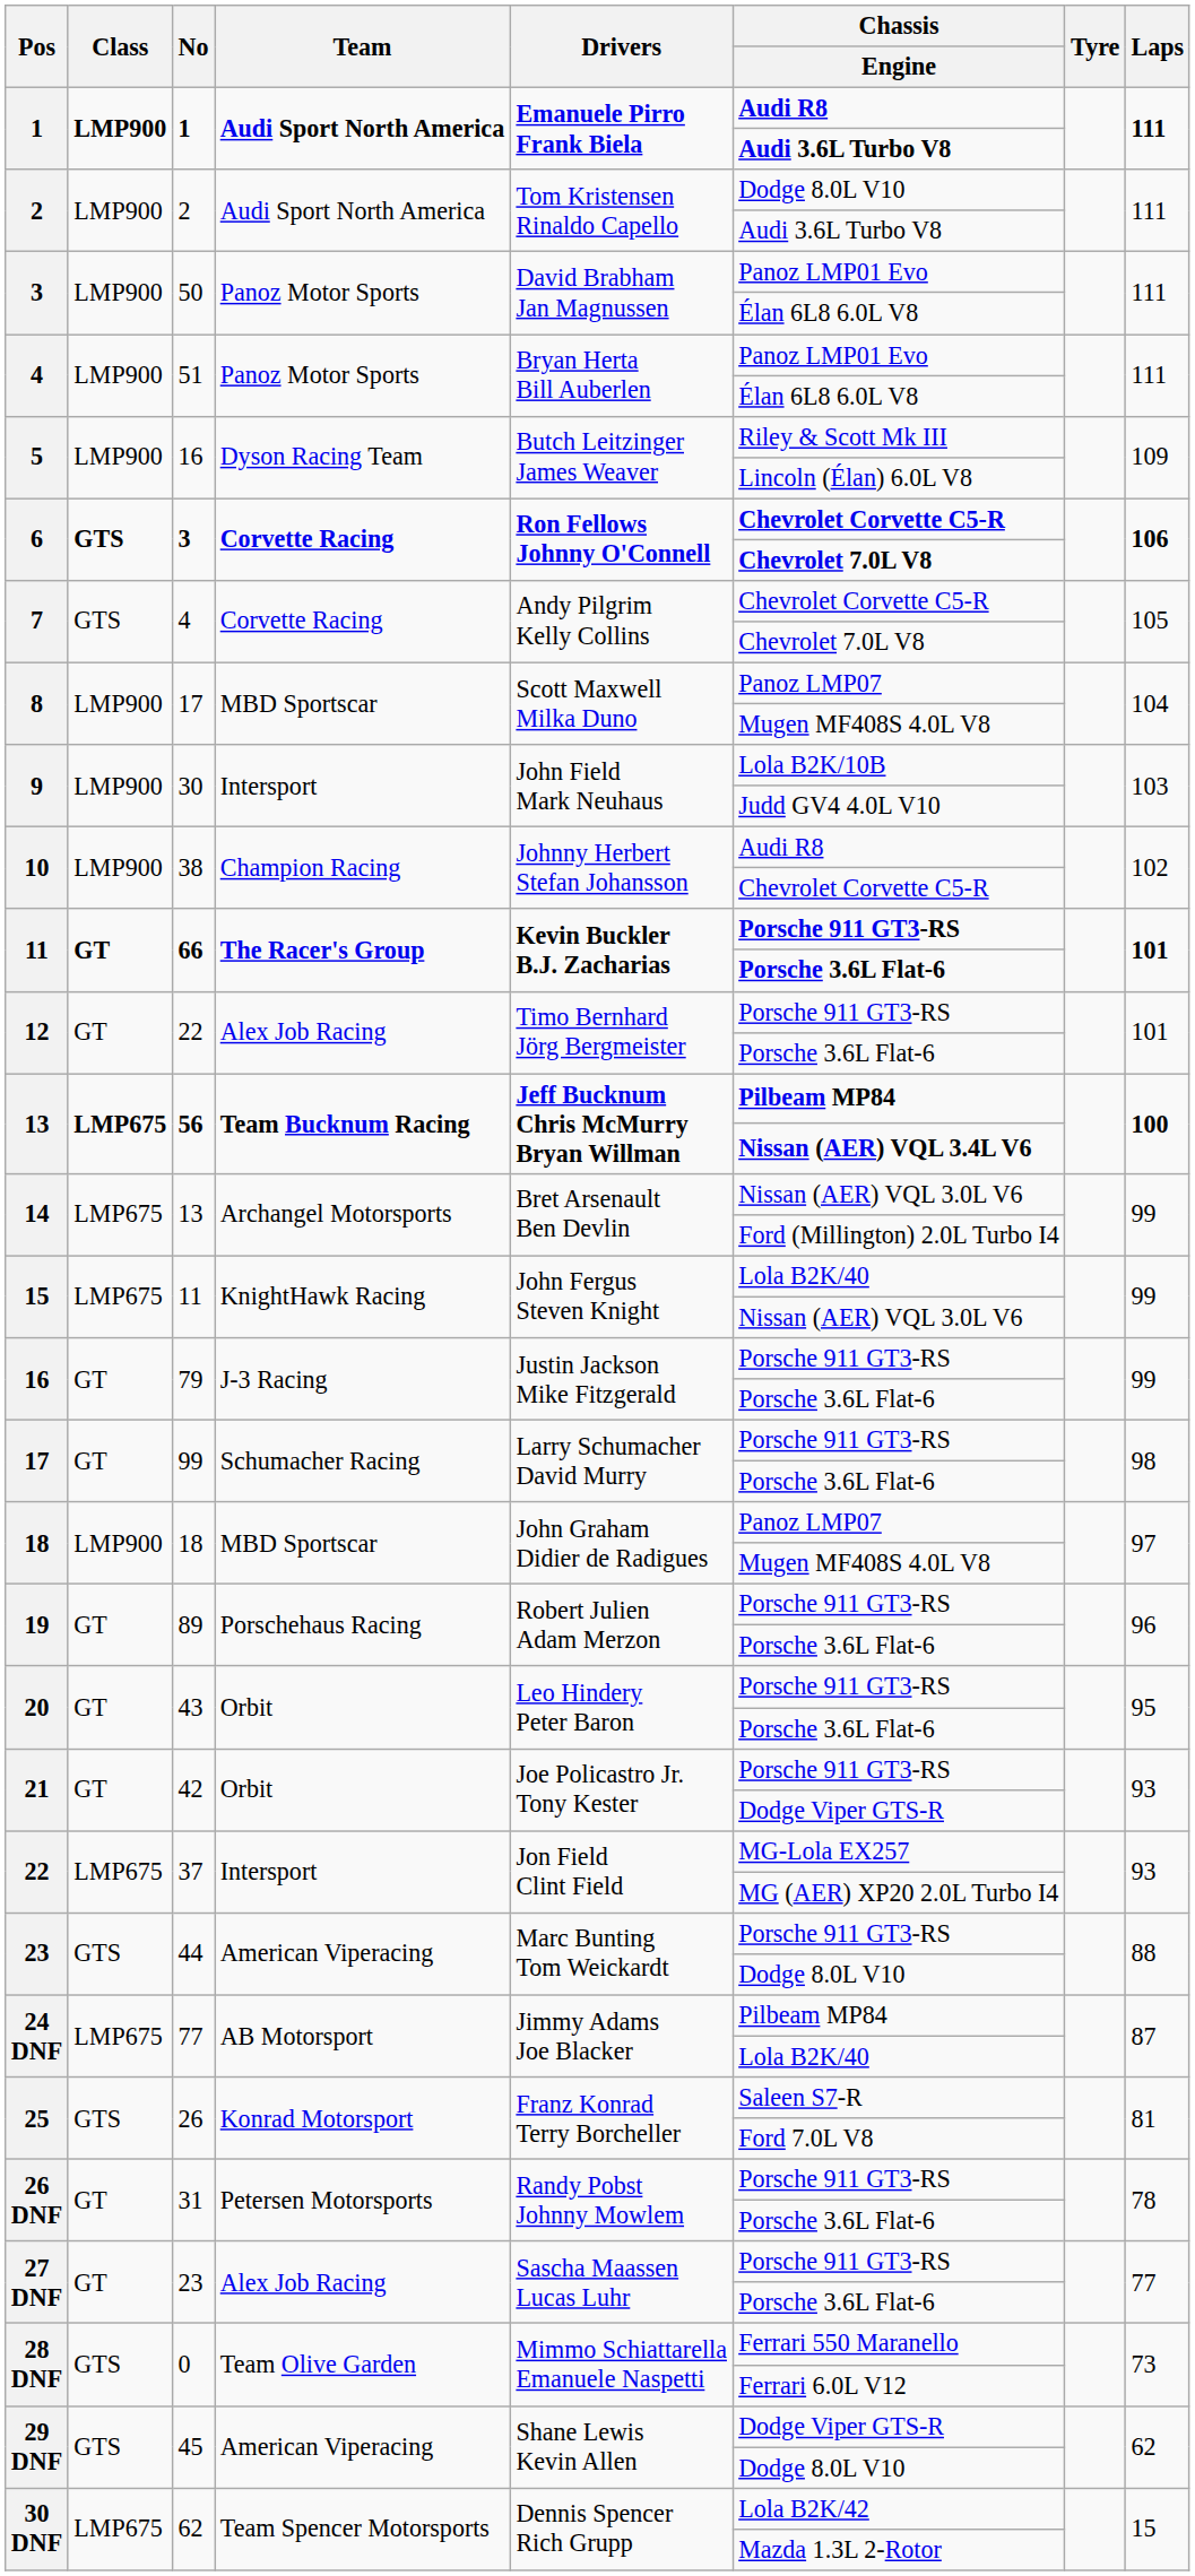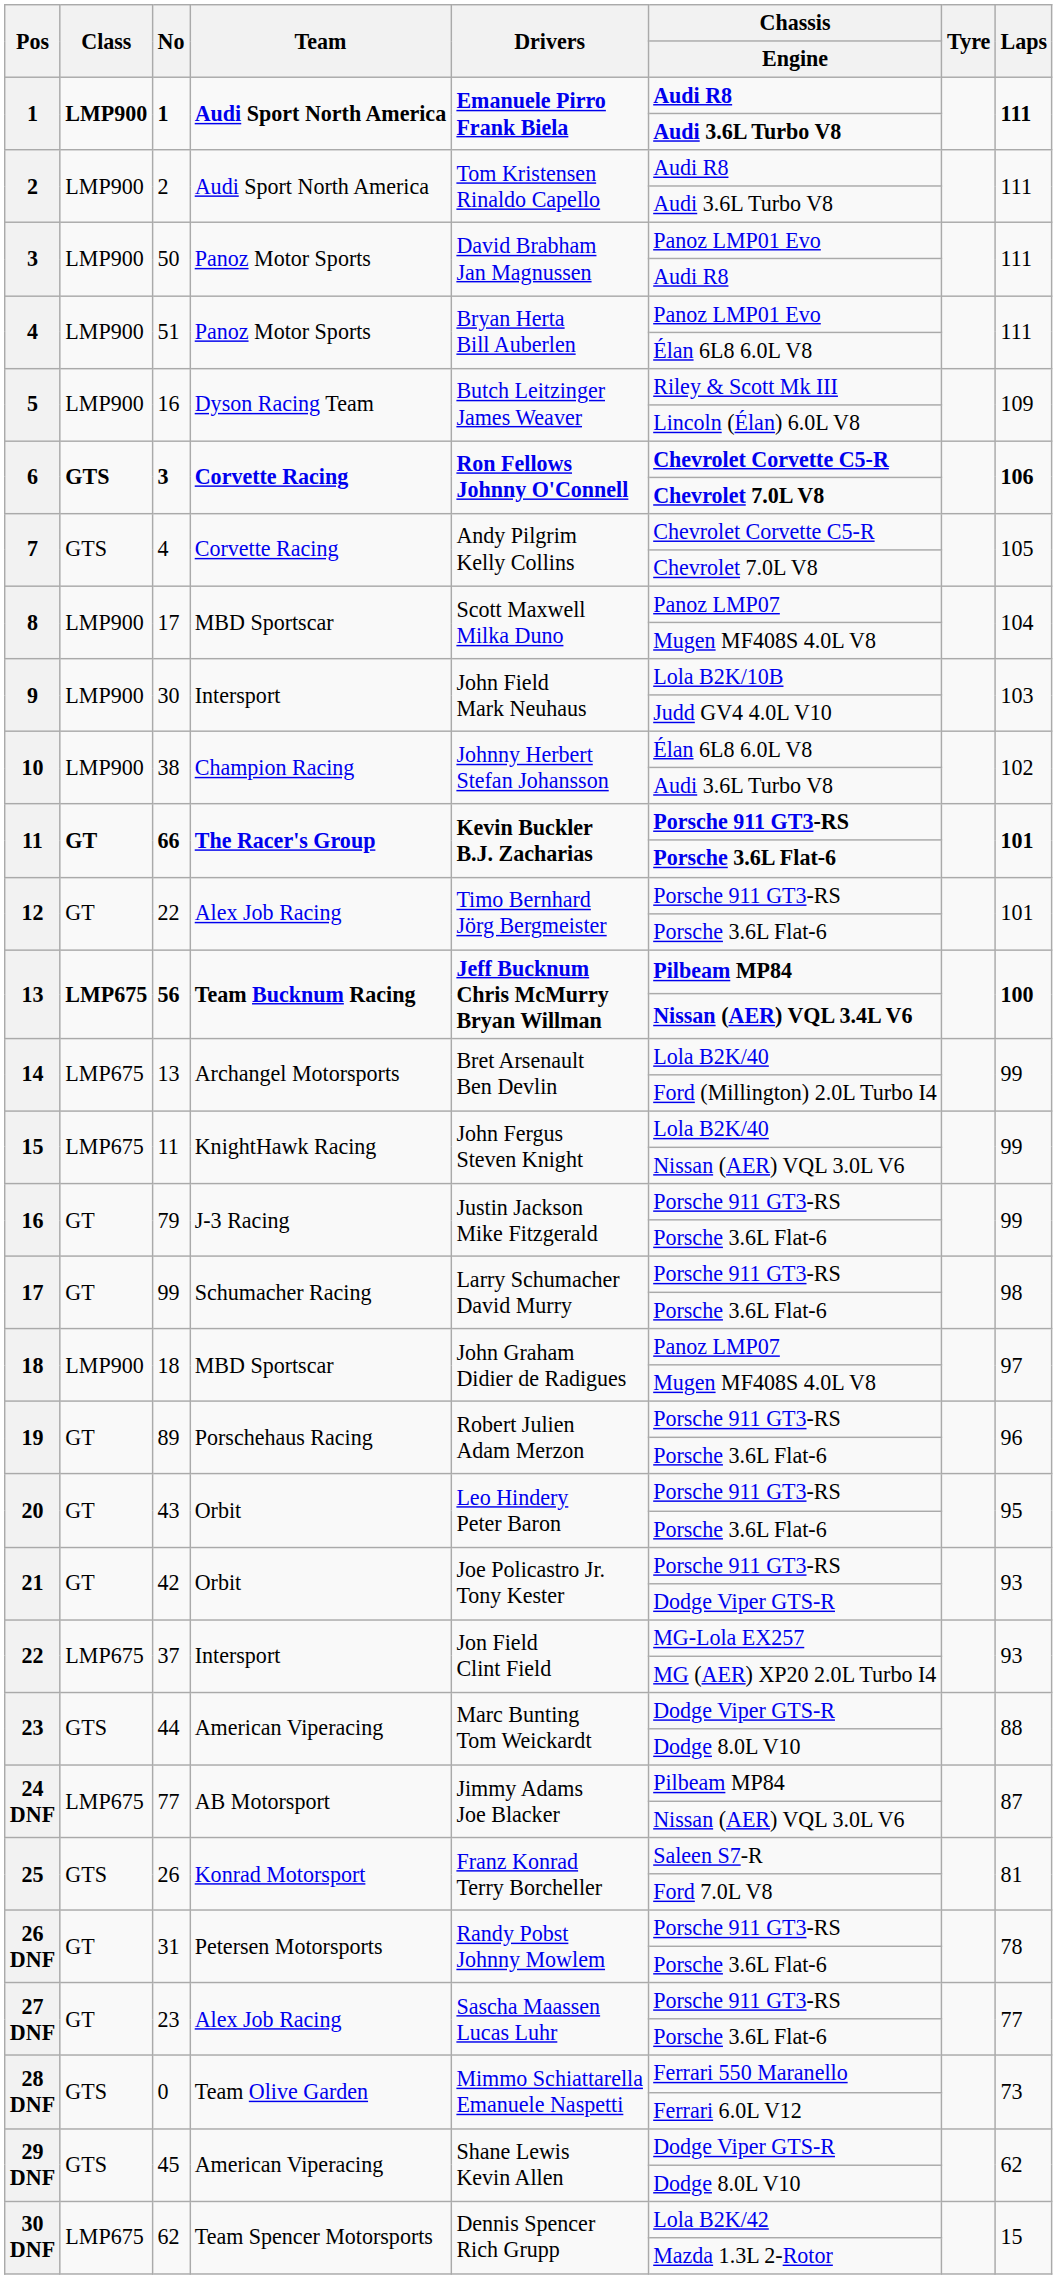 <table class="wikitable" style="font-size: 95%;">
 <tr>
 <th rowspan=2>Pos</th>
 <th rowspan=2>Class</th>
 <th rowspan=2>No</th>
 <th rowspan=2>Team</th>
 <th rowspan=2>Drivers</th>
 <th>Chassis</th>
 <th rowspan=2>Tyre</th>
 <th rowspan=2>Laps</th>
 </tr>
 <tr>
 <th>Engine</th>
 </tr>
 <tr style="font-weight:bold">
 <th rowspan=2>1</th>
 <td rowspan=2>LMP900</td>
 <td rowspan=2>1</td>
 <td rowspan=2> <a href='#'>Audi</a> Sport North America</td>
 <td rowspan=2> <a href='#'>Emanuele Pirro</a><br> <a href='#'>Frank Biela</a></td>
 <td><a href='#'>Audi R8</a></td>
 <td rowspan=2></td>
 <td rowspan=2>111</td>
 </tr>
 <tr style="font-weight:bold">
 <td><a href='#'>Audi</a> 3.6L Turbo V8</td>
 </tr>
 <tr>
 <th rowspan=2>2</th>
 <td rowspan=2>LMP900</td>
 <td rowspan=2>2</td>
 <td rowspan=2> <a href='#'>Audi</a> Sport North America</td>
 <td rowspan=2> <a href='#'>Tom Kristensen</a><br> <a href='#'>Rinaldo Capello</a></td>
-<td><a href='#'>Dodge</a> 8.0L V10</td>
+<td><a href='#'>Audi R8</a></td>
 <td rowspan=2></td>
 <td rowspan=2>111</td>
 </tr>
 <tr>
 <td><a href='#'>Audi</a> 3.6L Turbo V8</td>
 </tr>
 <tr>
 <th rowspan=2>3</th>
 <td rowspan=2>LMP900</td>
 <td rowspan=2>50</td>
 <td rowspan=2> <a href='#'>Panoz</a> Motor Sports</td>
 <td rowspan=2> <a href='#'>David Brabham</a><br> <a href='#'>Jan Magnussen</a></td>
 <td><a href='#'>Panoz LMP01 Evo</a></td>
 <td rowspan=2></td>
 <td rowspan=2>111</td>
 </tr>
 <tr>
-<td><a href='#'>Élan</a> 6L8 6.0L V8</td>
+<td><a href='#'>Audi R8</a></td>
 </tr>
 <tr>
 <th rowspan=2>4</th>
 <td rowspan=2>LMP900</td>
 <td rowspan=2>51</td>
 <td rowspan=2> <a href='#'>Panoz</a> Motor Sports</td>
 <td rowspan=2> <a href='#'>Bryan Herta</a><br> <a href='#'>Bill Auberlen</a></td>
 <td><a href='#'>Panoz LMP01 Evo</a></td>
 <td rowspan=2></td>
 <td rowspan=2>111</td>
 </tr>
 <tr>
 <td><a href='#'>Élan</a> 6L8 6.0L V8</td>
 </tr>
 <tr>
 <th rowspan=2>5</th>
 <td rowspan=2>LMP900</td>
 <td rowspan=2>16</td>
 <td rowspan=2> <a href='#'>Dyson Racing</a> Team</td>
 <td rowspan=2> <a href='#'>Butch Leitzinger</a><br> <a href='#'>James Weaver</a></td>
 <td><a href='#'>Riley & Scott Mk III</a></td>
 <td rowspan=2></td>
 <td rowspan=2>109</td>
 </tr>
 <tr>
 <td><a href='#'>Lincoln</a> (<a href='#'>Élan</a>) 6.0L V8</td>
 </tr>
 <tr style="font-weight:bold">
 <th rowspan=2>6</th>
 <td rowspan=2>GTS</td>
 <td rowspan=2>3</td>
 <td rowspan=2> <a href='#'>Corvette Racing</a></td>
 <td rowspan=2> <a href='#'>Ron Fellows</a><br> <a href='#'>Johnny O'Connell</a></td>
 <td><a href='#'>Chevrolet Corvette C5-R</a></td>
 <td rowspan=2></td>
 <td rowspan=2>106</td>
 </tr>
 <tr style="font-weight:bold">
 <td><a href='#'>Chevrolet</a> 7.0L V8</td>
 </tr>
 <tr>
 <th rowspan=2>7</th>
 <td rowspan=2>GTS</td>
 <td rowspan=2>4</td>
 <td rowspan=2> <a href='#'>Corvette Racing</a></td>
 <td rowspan=2> Andy Pilgrim<br> Kelly Collins</td>
 <td><a href='#'>Chevrolet Corvette C5-R</a></td>
 <td rowspan=2></td>
 <td rowspan=2>105</td>
 </tr>
 <tr>
 <td><a href='#'>Chevrolet</a> 7.0L V8</td>
 </tr>
 <tr>
 <th rowspan=2>8</th>
 <td rowspan=2>LMP900</td>
 <td rowspan=2>17</td>
 <td rowspan=2> MBD Sportscar</td>
 <td rowspan=2> Scott Maxwell<br> <a href='#'>Milka Duno</a></td>
 <td><a href='#'>Panoz LMP07</a></td>
 <td rowspan=2></td>
 <td rowspan=2>104</td>
 </tr>
 <tr>
 <td><a href='#'>Mugen</a> MF408S 4.0L V8</td>
 </tr>
 <tr>
 <th rowspan=2>9</th>
 <td rowspan=2>LMP900</td>
 <td rowspan=2>30</td>
 <td rowspan=2> Intersport</td>
 <td rowspan=2> John Field<br> Mark Neuhaus</td>
 <td><a href='#'>Lola B2K/10B</a></td>
 <td rowspan=2></td>
 <td rowspan=2>103</td>
 </tr>
 <tr>
 <td><a href='#'>Judd</a> GV4 4.0L V10</td>
 </tr>
 <tr>
 <th rowspan=2>10</th>
 <td rowspan=2>LMP900</td>
 <td rowspan=2>38</td>
 <td rowspan=2> <a href='#'>Champion Racing</a></td>
 <td rowspan=2> <a href='#'>Johnny Herbert</a><br> <a href='#'>Stefan Johansson</a></td>
-<td><a href='#'>Audi R8</a></td>
+<td><a href='#'>Élan</a> 6L8 6.0L V8</td>
 <td rowspan=2></td>
 <td rowspan=2>102</td>
 </tr>
 <tr>
-<td><a href='#'>Chevrolet Corvette C5-R</a></td>
+<td><a href='#'>Audi</a> 3.6L Turbo V8</td>
 </tr>
 <tr style="font-weight:bold">
 <th rowspan=2>11</th>
 <td rowspan=2>GT</td>
 <td rowspan=2>66</td>
 <td rowspan=2> <a href='#'>The Racer's Group</a></td>
 <td rowspan=2> Kevin Buckler<br> B.J. Zacharias</td>
 <td><a href='#'>Porsche 911 GT3</a>-RS</td>
 <td rowspan=2></td>
 <td rowspan=2>101</td>
 </tr>
 <tr style="font-weight:bold">
 <td><a href='#'>Porsche</a> 3.6L Flat-6</td>
 </tr>
 <tr>
 <th rowspan=2>12</th>
 <td rowspan=2>GT</td>
 <td rowspan=2>22</td>
 <td rowspan=2> <a href='#'>Alex Job Racing</a></td>
 <td rowspan=2> <a href='#'>Timo Bernhard</a><br> <a href='#'>Jörg Bergmeister</a></td>
 <td><a href='#'>Porsche 911 GT3</a>-RS</td>
 <td rowspan=2></td>
 <td rowspan=2>101</td>
 </tr>
 <tr>
 <td><a href='#'>Porsche</a> 3.6L Flat-6</td>
 </tr>
 <tr style="font-weight:bold">
 <th rowspan=2>13</th>
 <td rowspan=2>LMP675</td>
 <td rowspan=2>56</td>
 <td rowspan=2> Team <a href='#'>Bucknum</a> Racing</td>
 <td rowspan=2> <a href='#'>Jeff Bucknum</a><br> Chris McMurry<br> Bryan Willman</td>
 <td><a href='#'>Pilbeam</a> MP84</td>
 <td rowspan=2></td>
 <td rowspan=2>100</td>
 </tr>
 <tr style="font-weight:bold">
 <td><a href='#'>Nissan</a> (<a href='#'>AER</a>) VQL 3.4L V6</td>
 </tr>
 <tr>
 <th rowspan=2>14</th>
 <td rowspan=2>LMP675</td>
 <td rowspan=2>13</td>
 <td rowspan=2> Archangel Motorsports</td>
 <td rowspan=2> Bret Arsenault<br> Ben Devlin</td>
-<td><a href='#'>Nissan</a> (<a href='#'>AER</a>) VQL 3.0L V6</td>
+<td><a href='#'>Lola B2K/40</a></td>
 <td rowspan=2></td>
 <td rowspan=2>99</td>
 </tr>
 <tr>
 <td><a href='#'>Ford</a> (Millington) 2.0L Turbo I4</td>
 </tr>
 <tr>
 <th rowspan=2>15</th>
 <td rowspan=2>LMP675</td>
 <td rowspan=2>11</td>
 <td rowspan=2> KnightHawk Racing</td>
 <td rowspan=2> John Fergus<br> Steven Knight</td>
 <td><a href='#'>Lola B2K/40</a></td>
 <td rowspan=2></td>
 <td rowspan=2>99</td>
 </tr>
 <tr>
 <td><a href='#'>Nissan</a> (<a href='#'>AER</a>) VQL 3.0L V6</td>
 </tr>
 <tr>
 <th rowspan=2>16</th>
 <td rowspan=2>GT</td>
 <td rowspan=2>79</td>
 <td rowspan=2> J-3 Racing</td>
 <td rowspan=2> Justin Jackson<br> Mike Fitzgerald</td>
 <td><a href='#'>Porsche 911 GT3</a>-RS</td>
 <td rowspan=2></td>
 <td rowspan=2>99</td>
 </tr>
 <tr>
 <td><a href='#'>Porsche</a> 3.6L Flat-6</td>
 </tr>
 <tr>
 <th rowspan=2>17</th>
 <td rowspan=2>GT</td>
 <td rowspan=2>99</td>
 <td rowspan=2> Schumacher Racing</td>
 <td rowspan=2> Larry Schumacher<br> David Murry</td>
 <td><a href='#'>Porsche 911 GT3</a>-RS</td>
 <td rowspan=2></td>
 <td rowspan=2>98</td>
 </tr>
 <tr>
 <td><a href='#'>Porsche</a> 3.6L Flat-6</td>
 </tr>
 <tr>
 <th rowspan=2>18</th>
 <td rowspan=2>LMP900</td>
 <td rowspan=2>18</td>
 <td rowspan=2> MBD Sportscar</td>
 <td rowspan=2> John Graham<br> Didier de Radigues</td>
 <td><a href='#'>Panoz LMP07</a></td>
 <td rowspan=2></td>
 <td rowspan=2>97</td>
 </tr>
 <tr>
 <td><a href='#'>Mugen</a> MF408S 4.0L V8</td>
 </tr>
 <tr>
 <th rowspan=2>19</th>
 <td rowspan=2>GT</td>
 <td rowspan=2>89</td>
 <td rowspan=2> Porschehaus Racing</td>
 <td rowspan=2> Robert Julien<br> Adam Merzon</td>
 <td><a href='#'>Porsche 911 GT3</a>-RS</td>
 <td rowspan=2></td>
 <td rowspan=2>96</td>
 </tr>
 <tr>
 <td><a href='#'>Porsche</a> 3.6L Flat-6</td>
 </tr>
 <tr>
 <th rowspan=2>20</th>
 <td rowspan=2>GT</td>
 <td rowspan=2>43</td>
 <td rowspan=2> Orbit</td>
 <td rowspan=2> <a href='#'>Leo Hindery</a><br> Peter Baron</td>
 <td><a href='#'>Porsche 911 GT3</a>-RS</td>
 <td rowspan=2></td>
 <td rowspan=2>95</td>
 </tr>
 <tr>
 <td><a href='#'>Porsche</a> 3.6L Flat-6</td>
 </tr>
 <tr>
 <th rowspan=2>21</th>
 <td rowspan=2>GT</td>
 <td rowspan=2>42</td>
 <td rowspan=2> Orbit</td>
 <td rowspan=2> Joe Policastro Jr.<br> Tony Kester</td>
 <td><a href='#'>Porsche 911 GT3</a>-RS</td>
 <td rowspan=2></td>
 <td rowspan=2>93</td>
 </tr>
 <tr>
 <td><a href='#'>Dodge Viper GTS-R</a></td>
 </tr>
 <tr>
 <th rowspan=2>22</th>
 <td rowspan=2>LMP675</td>
 <td rowspan=2>37</td>
 <td rowspan=2> Intersport</td>
 <td rowspan=2> Jon Field<br> Clint Field</td>
 <td><a href='#'>MG-Lola EX257</a></td>
 <td rowspan=2></td>
 <td rowspan=2>93</td>
 </tr>
 <tr>
 <td><a href='#'>MG</a> (<a href='#'>AER</a>) XP20 2.0L Turbo I4</td>
 </tr>
 <tr>
 <th rowspan=2>23</th>
 <td rowspan=2>GTS</td>
 <td rowspan=2>44</td>
 <td rowspan=2> American Viperacing</td>
 <td rowspan=2> Marc Bunting<br> Tom Weickardt</td>
-<td><a href='#'>Porsche 911 GT3</a>-RS</td>
+<td><a href='#'>Dodge Viper GTS-R</a></td>
 <td rowspan=2></td>
 <td rowspan=2>88</td>
 </tr>
 <tr>
 <td><a href='#'>Dodge</a> 8.0L V10</td>
 </tr>
 <tr>
 <th rowspan=2>24<br>DNF</th>
 <td rowspan=2>LMP675</td>
 <td rowspan=2>77</td>
 <td rowspan=2> AB Motorsport</td>
 <td rowspan=2> Jimmy Adams<br> Joe Blacker</td>
 <td><a href='#'>Pilbeam</a> MP84</td>
 <td rowspan=2></td>
 <td rowspan=2>87</td>
 </tr>
 <tr>
-<td><a href='#'>Lola B2K/40</a></td>
+<td><a href='#'>Nissan</a> (<a href='#'>AER</a>) VQL 3.0L V6</td>
 </tr>
 <tr>
 <th rowspan=2>25</th>
 <td rowspan=2>GTS</td>
 <td rowspan=2>26</td>
 <td rowspan=2> <a href='#'>Konrad Motorsport</a></td>
 <td rowspan=2> <a href='#'>Franz Konrad</a><br> Terry Borcheller</td>
 <td><a href='#'>Saleen S7</a>-R</td>
 <td rowspan=2></td>
 <td rowspan=2>81</td>
 </tr>
 <tr>
 <td><a href='#'>Ford</a> 7.0L V8</td>
 </tr>
 <tr>
 <th rowspan=2>26<br>DNF</th>
 <td rowspan=2>GT</td>
 <td rowspan=2>31</td>
 <td rowspan=2> Petersen Motorsports</td>
 <td rowspan=2> <a href='#'>Randy Pobst</a><br> <a href='#'>Johnny Mowlem</a></td>
 <td><a href='#'>Porsche 911 GT3</a>-RS</td>
 <td rowspan=2></td>
 <td rowspan=2>78</td>
 </tr>
 <tr>
 <td><a href='#'>Porsche</a> 3.6L Flat-6</td>
 </tr>
 <tr>
 <th rowspan=2>27<br>DNF</th>
 <td rowspan=2>GT</td>
 <td rowspan=2>23</td>
 <td rowspan=2> <a href='#'>Alex Job Racing</a></td>
 <td rowspan=2> <a href='#'>Sascha Maassen</a><br> <a href='#'>Lucas Luhr</a></td>
 <td><a href='#'>Porsche 911 GT3</a>-RS</td>
 <td rowspan=2></td>
 <td rowspan=2>77</td>
 </tr>
 <tr>
 <td><a href='#'>Porsche</a> 3.6L Flat-6</td>
 </tr>
 <tr>
 <th rowspan=2>28<br>DNF</th>
 <td rowspan=2>GTS</td>
 <td rowspan=2>0</td>
 <td rowspan=2> Team <a href='#'>Olive Garden</a></td>
 <td rowspan=2> <a href='#'>Mimmo Schiattarella</a><br> <a href='#'>Emanuele Naspetti</a></td>
 <td><a href='#'>Ferrari 550 Maranello</a></td>
 <td rowspan=2></td>
 <td rowspan=2>73</td>
 </tr>
 <tr>
 <td><a href='#'>Ferrari</a> 6.0L V12</td>
 </tr>
 <tr>
 <th rowspan=2>29<br>DNF</th>
 <td rowspan=2>GTS</td>
 <td rowspan=2>45</td>
 <td rowspan=2> American Viperacing</td>
 <td rowspan=2> Shane Lewis<br> Kevin Allen</td>
 <td><a href='#'>Dodge Viper GTS-R</a></td>
 <td rowspan=2></td>
 <td rowspan=2>62</td>
 </tr>
 <tr>
 <td><a href='#'>Dodge</a> 8.0L V10</td>
 </tr>
 <tr>
 <th rowspan=2>30<br>DNF</th>
 <td rowspan=2>LMP675</td>
 <td rowspan=2>62</td>
 <td rowspan=2> Team Spencer Motorsports</td>
 <td rowspan=2> Dennis Spencer<br> Rich Grupp</td>
 <td><a href='#'>Lola B2K/42</a></td>
 <td rowspan=2></td>
 <td rowspan=2>15</td>
 </tr>
 <tr>
 <td><a href='#'>Mazda</a> 1.3L 2-<a href='#'>Rotor</a></td>
 </tr>
 </table>
